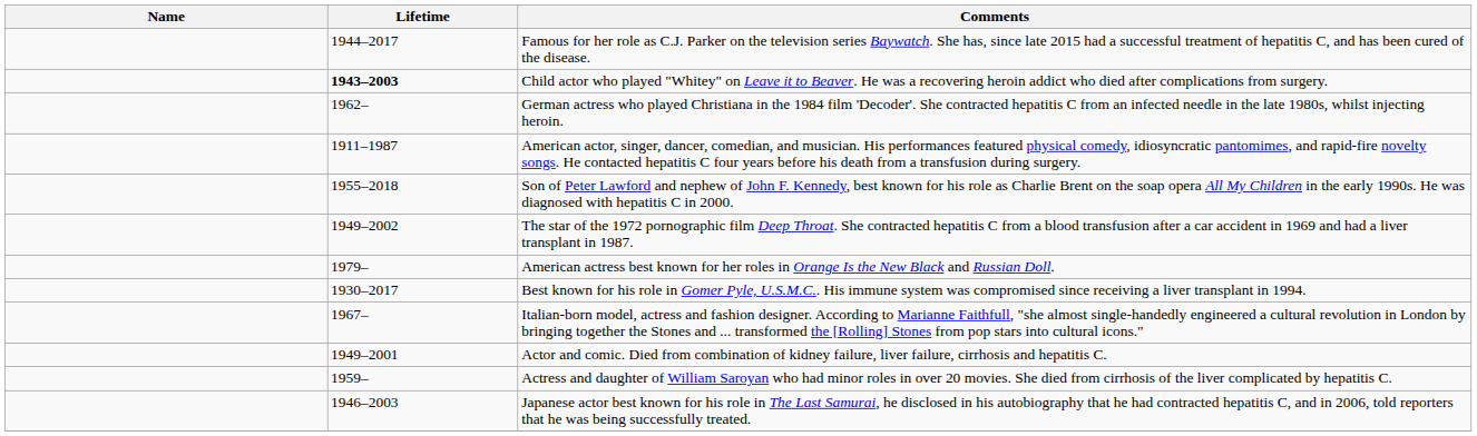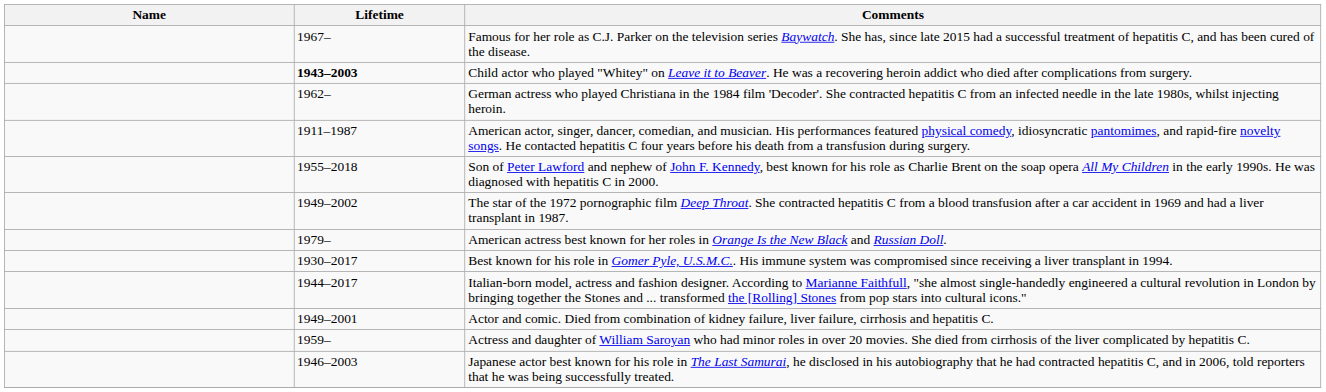 <table class="sortable wikitable">
 <tr>
 <th width="22%" scope=col>Name</th>
 <th width="13%" scope=col>Lifetime</th>
 <th class="unsortable" width="65%" scope=col>Comments</th>
 </tr>
 <tr valign="top">
 <td></td>
-<td>1944–2017</td>
+<td>1967–</td>
 <td>Famous for her role as C.J. Parker on the television series <em><a href='#'>Baywatch</a></em>.  She has, since late 2015 had a successful treatment of hepatitis C, and has been cured of the disease.</td>
 </tr>
 <tr valign="top">
 <td></td>
 <td><strong>1943–2003</strong></td>
 <td>Child actor who played "Whitey" on <em><a href='#'>Leave it to Beaver</a></em>. He was a recovering heroin addict who died after complications from surgery.</td>
 </tr>
 <tr valign="top">
 <td></td>
 <td>1962–</td>
 <td>German actress who played Christiana in the 1984 film 'Decoder'. She contracted hepatitis C from an infected needle in the late 1980s, whilst injecting heroin.</td>
 </tr>
 <tr valign="top">
 <td></td>
 <td>1911–1987</td>
 <td>American actor, singer, dancer, comedian, and musician. His performances featured <a href='#'>physical comedy</a>, idiosyncratic <a href='#'>pantomimes</a>, and rapid-fire <a href='#'>novelty songs</a>.  He contacted hepatitis C four years before his death from a transfusion during surgery.</td>
 </tr>
 <tr valign="top">
 <td></td>
 <td>1955–2018</td>
 <td>Son of <a href='#'>Peter Lawford</a> and nephew of <a href='#'>John F. Kennedy</a>, best known for his role as Charlie Brent on the soap opera <em><a href='#'>All My Children</a></em> in the early 1990s. He was diagnosed with hepatitis C in 2000.</td>
 </tr>
 <tr valign="top">
 <td></td>
 <td>1949–2002</td>
 <td>The star of the 1972 pornographic film <em><a href='#'>Deep Throat</a></em>. She contracted hepatitis C from a blood transfusion after a car accident in 1969 and had a liver transplant in 1987.</td>
 </tr>
 <tr valign="top">
 <td></td>
 <td>1979–</td>
 <td>American actress best known for her roles in <em><a href='#'>Orange Is the New Black</a></em> and <em><a href='#'>Russian Doll</a></em>.</td>
 </tr>
 <tr valign="top">
 <td></td>
 <td>1930–2017</td>
 <td>Best known for his role in <em><a href='#'>Gomer Pyle, U.S.M.C.</a></em>.  His immune system was compromised since receiving a liver transplant in 1994.</td>
 </tr>
 <tr valign="top">
 <td></td>
-<td>1967–</td>
+<td>1944–2017</td>
 <td>Italian-born model, actress and fashion designer. According to <a href='#'>Marianne Faithfull</a>, "she almost single-handedly engineered a cultural revolution in London by bringing together the Stones and ... transformed <a href='#'>the [Rolling] Stones</a> from pop stars into cultural icons."</td>
 </tr>
 <tr valign="top">
 <td></td>
 <td>1949–2001</td>
 <td>Actor and comic. Died from combination of kidney failure, liver failure, cirrhosis and hepatitis C.</td>
 </tr>
 <tr valign="top">
 <td></td>
 <td>1959–</td>
 <td>Actress and daughter of <a href='#'>William Saroyan</a> who had minor roles in over 20 movies. She died from cirrhosis of the liver complicated by hepatitis C.</td>
 </tr>
 <tr valign="top">
 <td></td>
 <td>1946–2003</td>
 <td>Japanese actor best known for his role in <em><a href='#'>The Last Samurai</a></em>, he disclosed in his autobiography that he had contracted hepatitis C, and in 2006, told reporters that he was being successfully treated.</td>
 </tr>
 <tr valign="top">
 </tr>
 </table>
